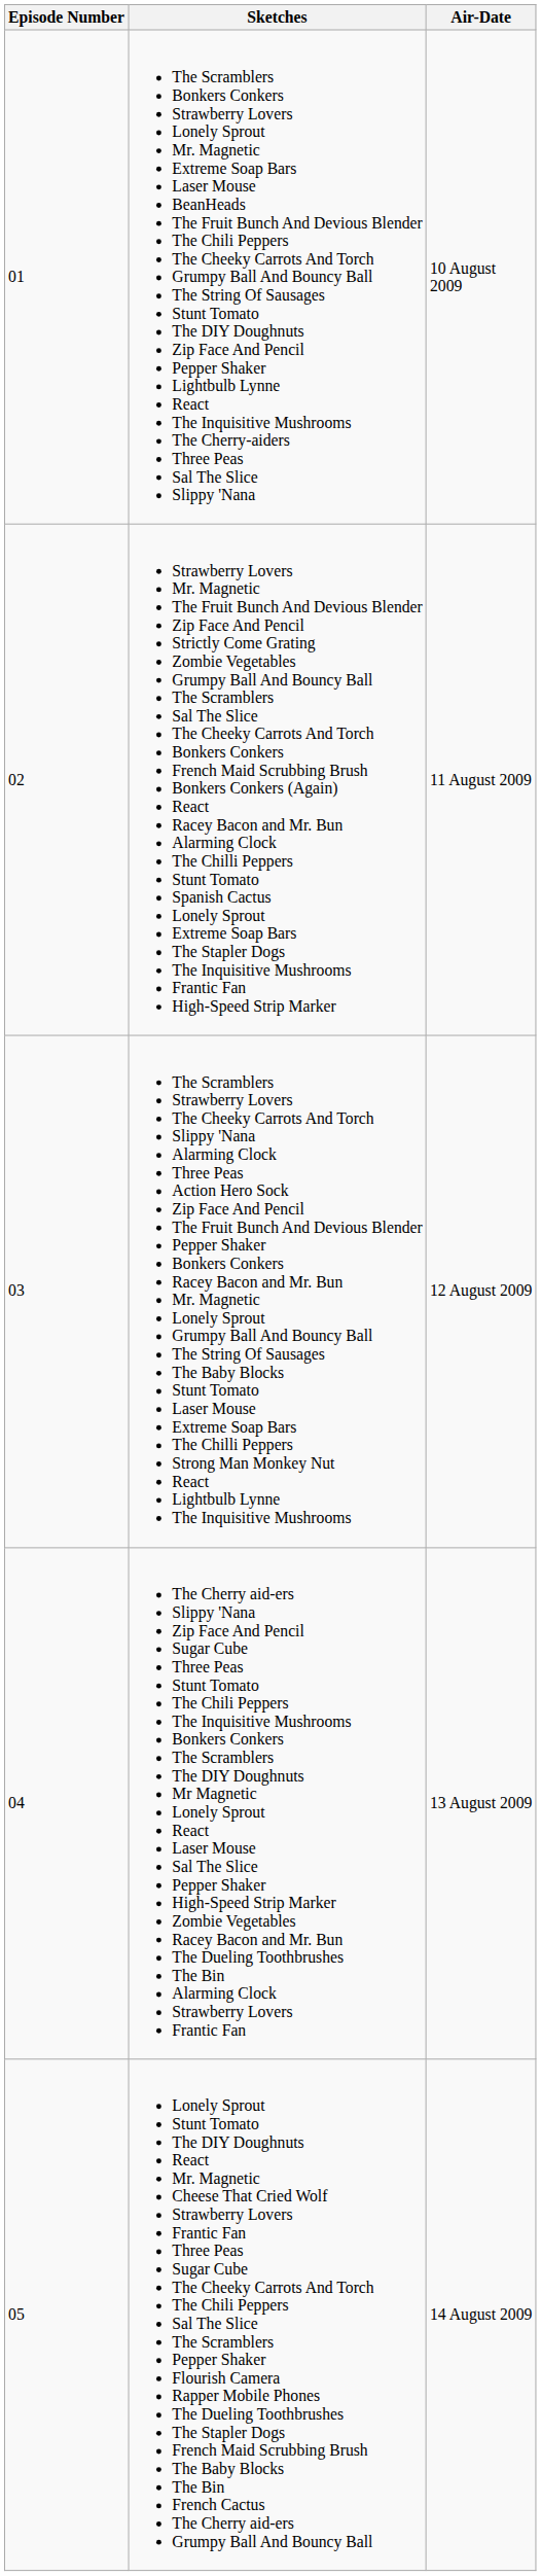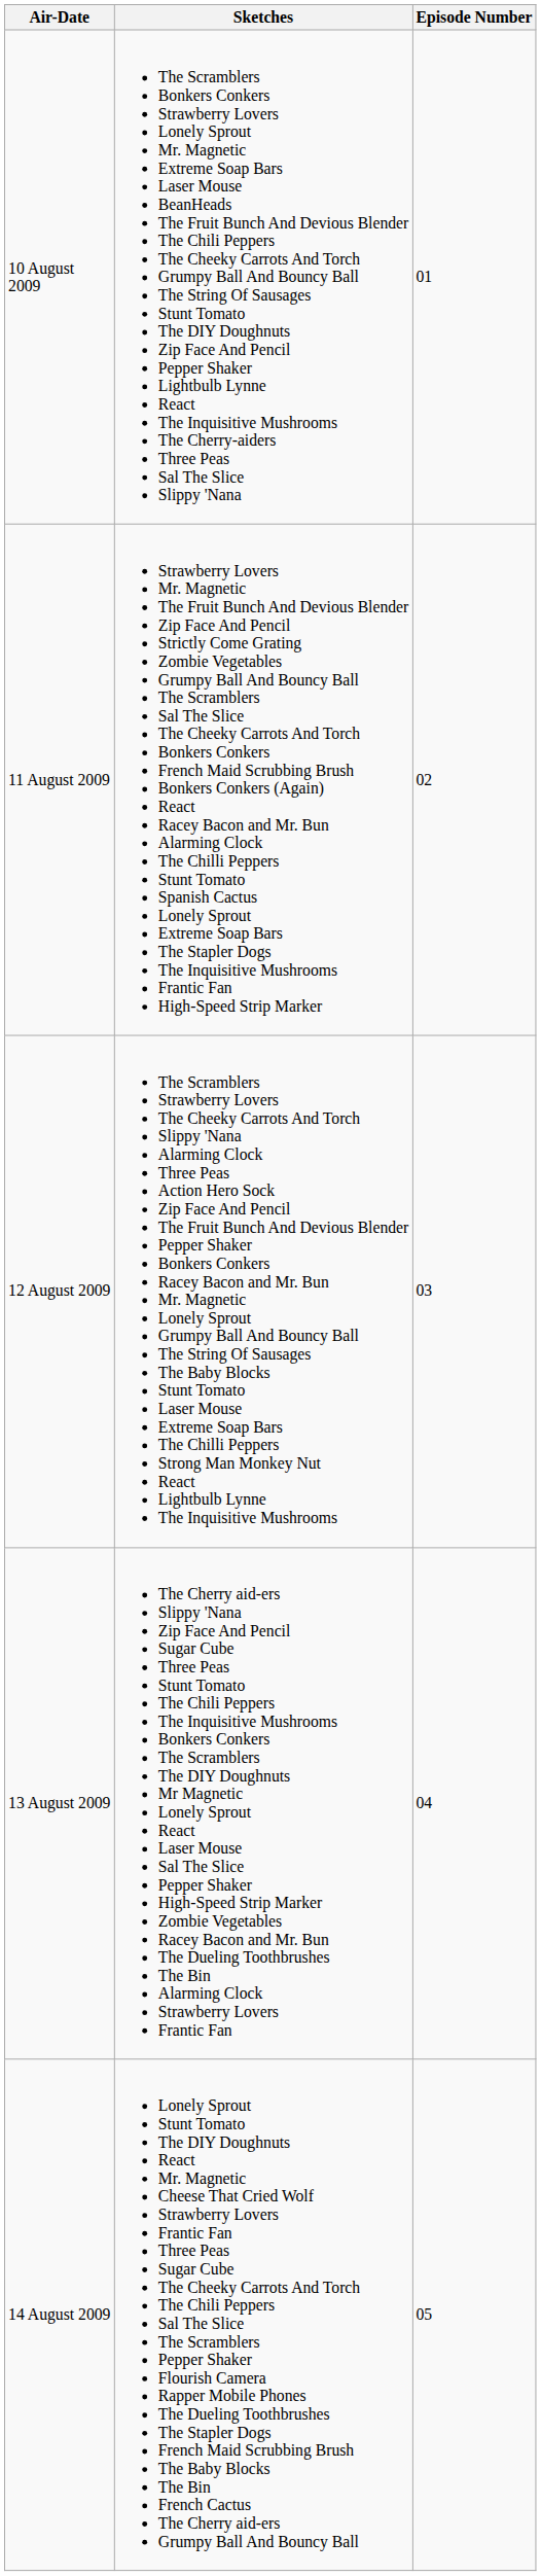 <table class="wikitable">
 <tr>
+<th>Air-Date</th>
+<th>Sketches</th>
 <th>Episode Number</th>
-<th>Sketches</th>
-<th>Air-Date</th>
 </tr>
 <tr>
+<td>10 August<br>2009</td>
+<td><br><ul><li>The Scramblers</li><li>Bonkers Conkers</li><li>Strawberry Lovers</li><li>Lonely Sprout</li><li>Mr. Magnetic</li><li>Extreme Soap Bars</li><li>Laser Mouse</li><li>BeanHeads</li><li>The Fruit Bunch And Devious Blender</li><li>The Chili Peppers</li><li>The Cheeky Carrots And Torch</li><li>Grumpy Ball And Bouncy Ball</li><li>The String Of Sausages</li><li>Stunt Tomato</li><li>The DIY Doughnuts</li><li>Zip Face And Pencil</li><li>Pepper Shaker</li><li>Lightbulb Lynne</li><li>React</li><li>The Inquisitive Mushrooms</li><li>The Cherry-aiders</li><li>Three Peas</li><li>Sal The Slice</li><li>Slippy 'Nana</li></ul></td>
 <td>01</td>
-<td><br><ul><li>The Scramblers</li><li>Bonkers Conkers</li><li>Strawberry Lovers</li><li>Lonely Sprout</li><li>Mr. Magnetic</li><li>Extreme Soap Bars</li><li>Laser Mouse</li><li>BeanHeads</li><li>The Fruit Bunch And Devious Blender</li><li>The Chili Peppers</li><li>The Cheeky Carrots And Torch</li><li>Grumpy Ball And Bouncy Ball</li><li>The String Of Sausages</li><li>Stunt Tomato</li><li>The DIY Doughnuts</li><li>Zip Face And Pencil</li><li>Pepper Shaker</li><li>Lightbulb Lynne</li><li>React</li><li>The Inquisitive Mushrooms</li><li>The Cherry-aiders</li><li>Three Peas</li><li>Sal The Slice</li><li>Slippy 'Nana</li></ul></td>
-<td>10 August<br>2009</td>
 </tr>
 <tr>
+<td>11 August 2009</td>
+<td><br><ul><li>Strawberry Lovers</li><li>Mr. Magnetic</li><li>The Fruit Bunch And Devious Blender</li><li>Zip Face And Pencil</li><li>Strictly Come Grating</li><li>Zombie Vegetables</li><li>Grumpy Ball And Bouncy Ball</li><li>The Scramblers</li><li>Sal The Slice</li><li>The Cheeky Carrots And Torch</li><li>Bonkers Conkers</li><li>French Maid Scrubbing Brush</li><li>Bonkers Conkers (Again)</li><li>React</li><li>Racey Bacon and Mr. Bun</li><li>Alarming Clock</li><li>The Chilli Peppers</li><li>Stunt Tomato</li><li>Spanish Cactus</li><li>Lonely Sprout</li><li>Extreme Soap Bars</li><li>The Stapler Dogs</li><li>The Inquisitive Mushrooms</li><li>Frantic Fan</li><li>High-Speed Strip Marker</li></ul></td>
 <td>02</td>
-<td><br><ul><li>Strawberry Lovers</li><li>Mr. Magnetic</li><li>The Fruit Bunch And Devious Blender</li><li>Zip Face And Pencil</li><li>Strictly Come Grating</li><li>Zombie Vegetables</li><li>Grumpy Ball And Bouncy Ball</li><li>The Scramblers</li><li>Sal The Slice</li><li>The Cheeky Carrots And Torch</li><li>Bonkers Conkers</li><li>French Maid Scrubbing Brush</li><li>Bonkers Conkers (Again)</li><li>React</li><li>Racey Bacon and Mr. Bun</li><li>Alarming Clock</li><li>The Chilli Peppers</li><li>Stunt Tomato</li><li>Spanish Cactus</li><li>Lonely Sprout</li><li>Extreme Soap Bars</li><li>The Stapler Dogs</li><li>The Inquisitive Mushrooms</li><li>Frantic Fan</li><li>High-Speed Strip Marker</li></ul></td>
-<td>11 August 2009</td>
 </tr>
 <tr>
+<td>12 August 2009</td>
+<td><br><ul><li>The Scramblers</li><li>Strawberry Lovers</li><li>The Cheeky Carrots And Torch</li><li>Slippy 'Nana</li><li>Alarming Clock</li><li>Three Peas</li><li>Action Hero Sock</li><li>Zip Face And Pencil</li><li>The Fruit Bunch And Devious Blender</li><li>Pepper Shaker</li><li>Bonkers Conkers</li><li>Racey Bacon and Mr. Bun</li><li>Mr. Magnetic</li><li>Lonely Sprout</li><li>Grumpy Ball And Bouncy Ball</li><li>The String Of Sausages</li><li>The Baby Blocks</li><li>Stunt Tomato</li><li>Laser Mouse</li><li>Extreme Soap Bars</li><li>The Chilli Peppers</li><li>Strong Man Monkey Nut</li><li>React</li><li>Lightbulb Lynne</li><li>The Inquisitive Mushrooms</li></ul></td>
 <td>03</td>
-<td><br><ul><li>The Scramblers</li><li>Strawberry Lovers</li><li>The Cheeky Carrots And Torch</li><li>Slippy 'Nana</li><li>Alarming Clock</li><li>Three Peas</li><li>Action Hero Sock</li><li>Zip Face And Pencil</li><li>The Fruit Bunch And Devious Blender</li><li>Pepper Shaker</li><li>Bonkers Conkers</li><li>Racey Bacon and Mr. Bun</li><li>Mr. Magnetic</li><li>Lonely Sprout</li><li>Grumpy Ball And Bouncy Ball</li><li>The String Of Sausages</li><li>The Baby Blocks</li><li>Stunt Tomato</li><li>Laser Mouse</li><li>Extreme Soap Bars</li><li>The Chilli Peppers</li><li>Strong Man Monkey Nut</li><li>React</li><li>Lightbulb Lynne</li><li>The Inquisitive Mushrooms</li></ul></td>
-<td>12 August 2009</td>
 </tr>
 <tr>
+<td>13 August 2009</td>
+<td><br><ul><li>The Cherry aid-ers</li><li>Slippy 'Nana</li><li>Zip Face And Pencil</li><li>Sugar Cube</li><li>Three Peas</li><li>Stunt Tomato</li><li>The Chili Peppers</li><li>The Inquisitive Mushrooms</li><li>Bonkers Conkers</li><li>The Scramblers</li><li>The DIY Doughnuts</li><li>Mr Magnetic</li><li>Lonely Sprout</li><li>React</li><li>Laser Mouse</li><li>Sal The Slice</li><li>Pepper Shaker</li><li>High-Speed Strip Marker</li><li>Zombie Vegetables</li><li>Racey Bacon and Mr. Bun</li><li>The Dueling Toothbrushes</li><li>The Bin</li><li>Alarming Clock</li><li>Strawberry Lovers</li><li>Frantic Fan</li></ul></td>
 <td>04</td>
-<td><br><ul><li>The Cherry aid-ers</li><li>Slippy 'Nana</li><li>Zip Face And Pencil</li><li>Sugar Cube</li><li>Three Peas</li><li>Stunt Tomato</li><li>The Chili Peppers</li><li>The Inquisitive Mushrooms</li><li>Bonkers Conkers</li><li>The Scramblers</li><li>The DIY Doughnuts</li><li>Mr Magnetic</li><li>Lonely Sprout</li><li>React</li><li>Laser Mouse</li><li>Sal The Slice</li><li>Pepper Shaker</li><li>High-Speed Strip Marker</li><li>Zombie Vegetables</li><li>Racey Bacon and Mr. Bun</li><li>The Dueling Toothbrushes</li><li>The Bin</li><li>Alarming Clock</li><li>Strawberry Lovers</li><li>Frantic Fan</li></ul></td>
-<td>13 August 2009</td>
 </tr>
 <tr>
+<td>14 August 2009</td>
+<td><br><ul><li>Lonely Sprout</li><li>Stunt Tomato</li><li>The DIY Doughnuts</li><li>React</li><li>Mr. Magnetic</li><li>Cheese That Cried Wolf</li><li>Strawberry Lovers</li><li>Frantic Fan</li><li>Three Peas</li><li>Sugar Cube</li><li>The Cheeky Carrots And Torch</li><li>The Chili Peppers</li><li>Sal The Slice</li><li>The Scramblers</li><li>Pepper Shaker</li><li>Flourish Camera</li><li>Rapper Mobile Phones</li><li>The Dueling Toothbrushes</li><li>The Stapler Dogs</li><li>French Maid Scrubbing Brush</li><li>The Baby Blocks</li><li>The Bin</li><li>French Cactus</li><li>The Cherry aid-ers</li><li>Grumpy Ball And Bouncy Ball</li></ul></td>
 <td>05</td>
-<td><br><ul><li>Lonely Sprout</li><li>Stunt Tomato</li><li>The DIY Doughnuts</li><li>React</li><li>Mr. Magnetic</li><li>Cheese That Cried Wolf</li><li>Strawberry Lovers</li><li>Frantic Fan</li><li>Three Peas</li><li>Sugar Cube</li><li>The Cheeky Carrots And Torch</li><li>The Chili Peppers</li><li>Sal The Slice</li><li>The Scramblers</li><li>Pepper Shaker</li><li>Flourish Camera</li><li>Rapper Mobile Phones</li><li>The Dueling Toothbrushes</li><li>The Stapler Dogs</li><li>French Maid Scrubbing Brush</li><li>The Baby Blocks</li><li>The Bin</li><li>French Cactus</li><li>The Cherry aid-ers</li><li>Grumpy Ball And Bouncy Ball</li></ul></td>
-<td>14 August 2009</td>
 </tr>
 </table>
